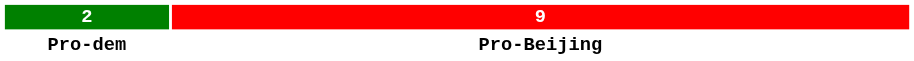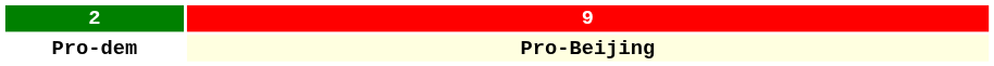 <table style="width:50%; text-align:center;">
 <tr style="color:white;">
 <td style="background:green; width:18.18%;"><strong>2</strong></td>
 <td style="background:red; width:81.82%;"><strong>9</strong></td>
 </tr>
 <tr>
 <td><span><strong>Pro-dem</strong></span></td>
-<td><span><strong>Pro-Beijing</strong></span></td>
+<td style="background: lightyellow;"><span><strong>Pro-Beijing</strong></span></td>
 </tr>
 </table>
